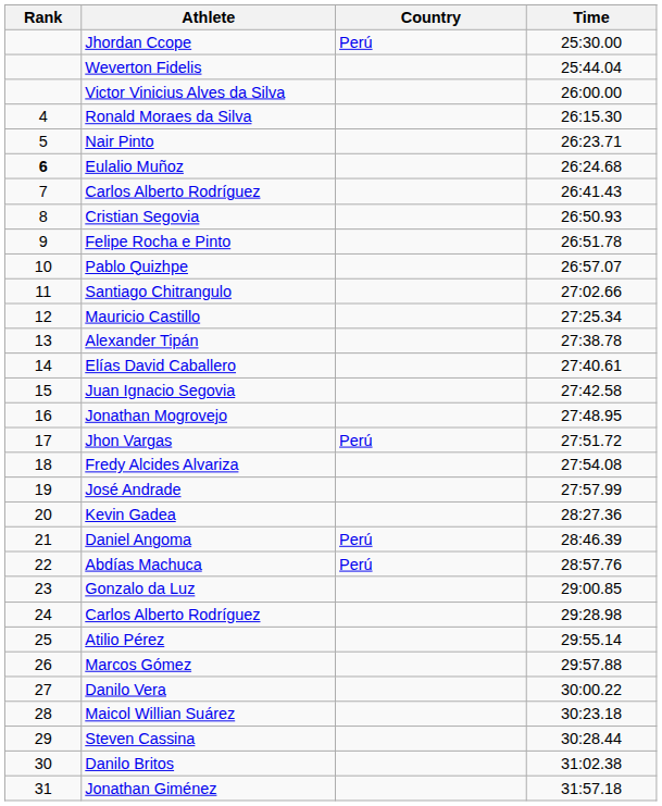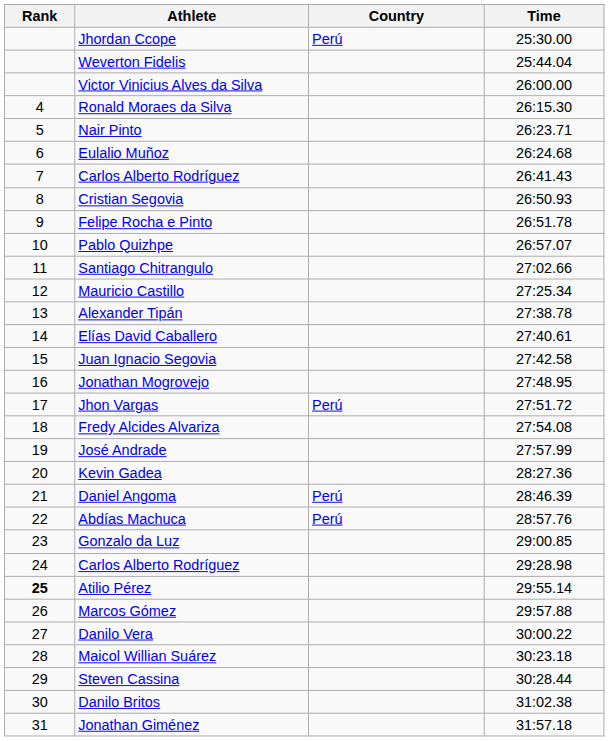 <table class="wikitable sortable" style=" text-align:center; font-size:95%;" width="50%">
 <tr>
 </tr>
 <tr>
 <th width=5%>Rank</th>
 <th width=20%>Athlete</th>
 <th width=15%>Country</th>
 <th width=10%>Time</th>
 </tr>
 <tr>
 <td align=center></td>
 <td align=left><a href='#'>Jhordan Ccope</a></td>
 <td align=left> <a href='#'>Perú</a></td>
 <td>25:30.00</td>
 </tr>
 <tr>
 <td align=center></td>
 <td align=left><a href='#'>Weverton Fidelis</a></td>
 <td align=left></td>
 <td>25:44.04</td>
 </tr>
 <tr>
 <td align=center></td>
 <td align=left><a href='#'>Victor Vinicius Alves da Silva</a></td>
 <td align=left></td>
 <td>26:00.00</td>
 </tr>
 <tr>
 <td align=center>4</td>
 <td align=left><a href='#'>Ronald Moraes da Silva</a></td>
 <td align=left></td>
 <td>26:15.30</td>
 </tr>
 <tr>
 <td align=center>5</td>
 <td align=left><a href='#'>Nair Pinto</a></td>
 <td align=left></td>
 <td>26:23.71</td>
 </tr>
 <tr>
-<td align=center><strong>6</strong></td>
+<td align=center>6</td>
 <td align=left><a href='#'>Eulalio Muñoz</a></td>
 <td align=left></td>
 <td>26:24.68</td>
 </tr>
 <tr>
 <td align=center>7</td>
 <td align=left><a href='#'>Carlos Alberto Rodríguez</a></td>
 <td align=left></td>
 <td>26:41.43</td>
 </tr>
 <tr>
 <td align=center>8</td>
 <td align=left><a href='#'>Cristian Segovia</a></td>
 <td align=left></td>
 <td>26:50.93</td>
 </tr>
 <tr>
 <td align=center>9</td>
 <td align=left><a href='#'>Felipe Rocha e Pinto</a></td>
 <td align=left></td>
 <td>26:51.78</td>
 </tr>
 <tr>
 <td align=center>10</td>
 <td align=left><a href='#'>Pablo Quizhpe</a></td>
 <td align=left></td>
 <td>26:57.07</td>
 </tr>
 <tr>
 <td align=center>11</td>
 <td align=left><a href='#'>Santiago Chitrangulo</a></td>
 <td align=left></td>
 <td>27:02.66</td>
 </tr>
 <tr>
 <td align=center>12</td>
 <td align=left><a href='#'>Mauricio Castillo</a></td>
 <td align=left></td>
 <td>27:25.34</td>
 </tr>
 <tr>
 <td align=center>13</td>
 <td align=left><a href='#'>Alexander Tipán</a></td>
 <td align=left></td>
 <td>27:38.78</td>
 </tr>
 <tr>
 <td align=center>14</td>
 <td align=left><a href='#'>Elías David Caballero</a></td>
 <td align=left></td>
 <td>27:40.61</td>
 </tr>
 <tr>
 <td align=center>15</td>
 <td align=left><a href='#'>Juan Ignacio Segovia</a></td>
 <td align=left></td>
 <td>27:42.58</td>
 </tr>
 <tr>
 <td align=center>16</td>
 <td align=left><a href='#'>Jonathan Mogrovejo</a></td>
 <td align=left></td>
 <td>27:48.95</td>
 </tr>
 <tr>
 <td align=center>17</td>
 <td align=left><a href='#'>Jhon Vargas</a></td>
 <td align=left> <a href='#'>Perú</a></td>
 <td>27:51.72</td>
 </tr>
 <tr>
 <td align=center>18</td>
 <td align=left><a href='#'>Fredy Alcides Alvariza</a></td>
 <td align=left></td>
 <td>27:54.08</td>
 </tr>
 <tr>
 <td align=center>19</td>
 <td align=left><a href='#'>José Andrade</a></td>
 <td align=left></td>
 <td>27:57.99</td>
 </tr>
 <tr>
 <td align=center>20</td>
 <td align=left><a href='#'>Kevin Gadea</a></td>
 <td align=left></td>
 <td>28:27.36</td>
 </tr>
 <tr>
 <td align=center>21</td>
 <td align=left><a href='#'>Daniel Angoma</a></td>
 <td align=left> <a href='#'>Perú</a></td>
 <td>28:46.39</td>
 </tr>
 <tr>
 <td align=center>22</td>
 <td align=left><a href='#'>Abdías Machuca</a></td>
 <td align=left> <a href='#'>Perú</a></td>
 <td>28:57.76</td>
 </tr>
 <tr>
 <td align=center>23</td>
 <td align=left><a href='#'>Gonzalo da Luz</a></td>
 <td align=left></td>
 <td>29:00.85</td>
 </tr>
 <tr>
 <td align=center>24</td>
 <td align=left><a href='#'>Carlos Alberto Rodríguez</a></td>
 <td align=left></td>
 <td>29:28.98</td>
 </tr>
 <tr>
-<td align=center>25</td>
+<td align=center><strong>25</strong></td>
 <td align=left><a href='#'>Atilio Pérez</a></td>
 <td align=left></td>
 <td>29:55.14</td>
 </tr>
 <tr>
 <td align=center>26</td>
 <td align=left><a href='#'>Marcos Gómez</a></td>
 <td align=left></td>
 <td>29:57.88</td>
 </tr>
 <tr>
 <td align=center>27</td>
 <td align=left><a href='#'>Danilo Vera</a></td>
 <td align=left></td>
 <td>30:00.22</td>
 </tr>
 <tr>
 <td align=center>28</td>
 <td align=left><a href='#'>Maicol Willian Suárez</a></td>
 <td align=left></td>
 <td>30:23.18</td>
 </tr>
 <tr>
 <td align=center>29</td>
 <td align=left><a href='#'>Steven Cassina</a></td>
 <td align=left></td>
 <td>30:28.44</td>
 </tr>
 <tr>
 <td align=center>30</td>
 <td align=left><a href='#'>Danilo Britos</a></td>
 <td align=left></td>
 <td>31:02.38</td>
 </tr>
 <tr>
 <td align=center>31</td>
 <td align=left><a href='#'>Jonathan Giménez</a></td>
 <td align=left></td>
 <td>31:57.18</td>
 </tr>
 </table>
